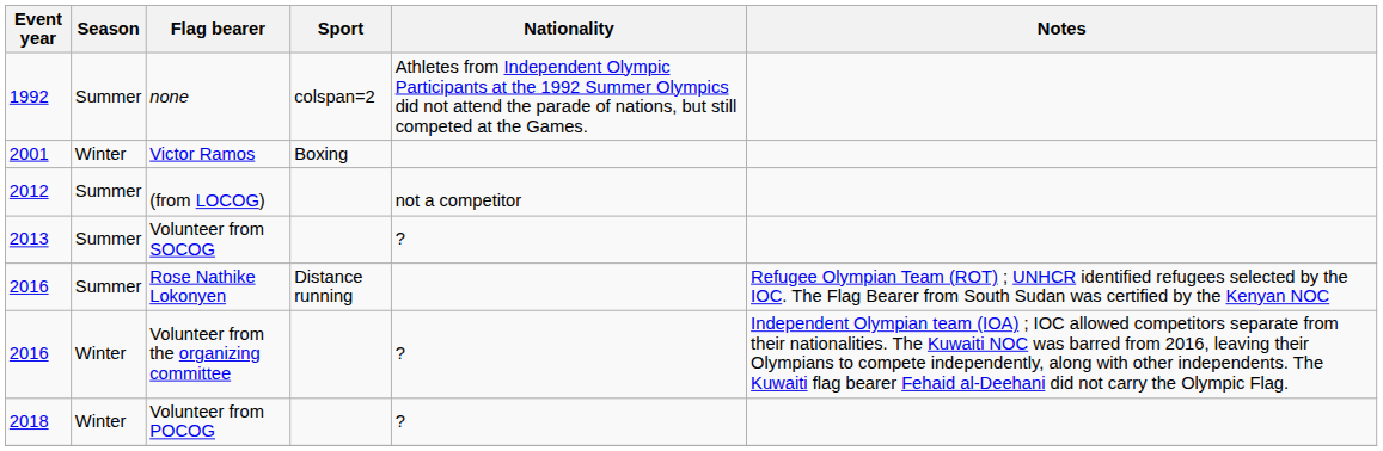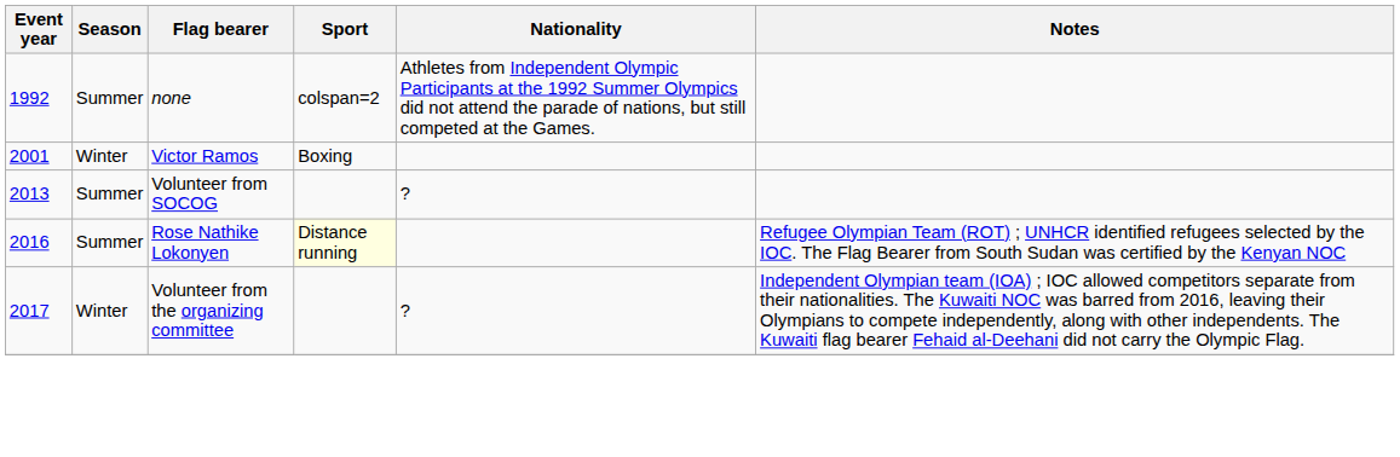 <table class="wikitable sortable">
 <tr>
 <th>Event year</th>
 <th>Season</th>
 <th>Flag bearer</th>
 <th>Sport</th>
 <th>Nationality</th>
 <th>Notes</th>
 </tr>
 <tr>
 <td><a href='#'>1992</a></td>
 <td>Summer</td>
 <td><em>none</em></td>
 <td>colspan=2 </td>
 <td>Athletes from <a href='#'>Independent Olympic Participants at the 1992 Summer Olympics</a> did not attend the parade of nations, but still competed at the Games.</td>
 </tr>
 <tr>
 <td><a href='#'>2001</a></td>
 <td>Winter</td>
 <td><a href='#'>Victor Ramos</a></td>
 <td>Boxing</td>
 <td></td>
 <td></td>
 </tr>
 <tr>
-<td><a href='#'>2012</a></td>
-<td>Summer</td>
-<td><br>(from <a href='#'>LOCOG</a>)</td>
-<td></td>
-<td> <br>not a competitor</td>
-<td></td>
-</tr>
-<tr>
 <td><a href='#'>2013</a></td>
 <td>Summer</td>
 <td>Volunteer from <a href='#'>SOCOG</a></td>
 <td></td>
 <td>?</td>
 <td></td>
 </tr>
 <tr>
 <td><a href='#'>2016</a></td>
 <td>Summer</td>
 <td><a href='#'>Rose Nathike Lokonyen</a></td>
-<td>Distance running</td>
+<td style="background: lightyellow;">Distance running</td>
 <td></td>
 <td> <a href='#'>Refugee Olympian Team (ROT)</a> ;  <a href='#'>UNHCR</a> identified refugees selected by the  <a href='#'>IOC</a>. The Flag Bearer from South Sudan was certified by the  <a href='#'>Kenyan NOC</a></td>
 </tr>
 <tr>
-<td><a href='#'>2016</a></td>
+<td><a href='#'>2017</a></td>
 <td>Winter</td>
 <td>Volunteer from the <a href='#'>organizing committee</a></td>
 <td></td>
 <td>?</td>
 <td><a href='#'>Independent Olympian team (IOA)</a> ; IOC allowed competitors separate from their nationalities. The <a href='#'>Kuwaiti NOC</a> was barred from 2016, leaving their Olympians to compete independently, along with other independents. The  <a href='#'>Kuwaiti</a> flag bearer <a href='#'>Fehaid al-Deehani</a> did not carry the Olympic Flag.</td>
 </tr>
 <tr>
-<td><a href='#'>2018</a></td>
-<td>Winter</td>
-<td>Volunteer from <a href='#'>POCOG</a></td>
-<td></td>
-<td>?</td>
-<td></td>
-</tr>
-<tr>
 </tr>
 </table>
